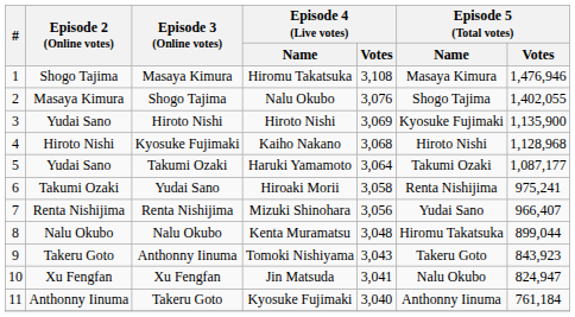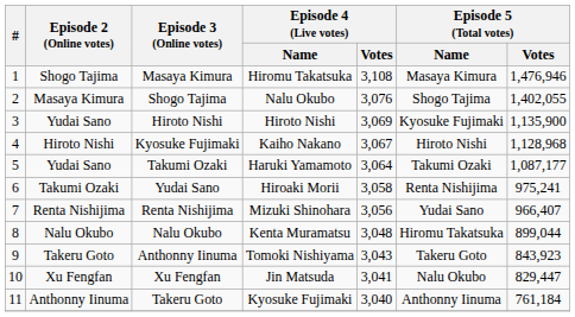 <table class="wikitable sortable" style="text-align:center;">
 <tr>
 <th rowspan="2">#</th>
 <th rowspan="2">Episode 2<br><small>(Online votes)</small></th>
 <th rowspan="2">Episode 3<br><small>(Online votes)</small></th>
 <th colspan="2">Episode 4<br><small>(Live votes)</small></th>
 <th colspan="2">Episode 5<br><small>(Total votes)</small></th>
 </tr>
 <tr>
 <th>Name</th>
 <th>Votes</th>
 <th>Name</th>
 <th>Votes</th>
 </tr>
 <tr>
 <td>1</td>
 <td>Shogo Tajima</td>
 <td>Masaya Kimura</td>
 <td>Hiromu Takatsuka</td>
 <td>3,108</td>
 <td>Masaya Kimura</td>
 <td>1,476,946</td>
 </tr>
 <tr>
 <td>2</td>
 <td>Masaya Kimura</td>
 <td>Shogo Tajima</td>
 <td>Nalu Okubo</td>
 <td>3,076</td>
 <td>Shogo Tajima</td>
 <td>1,402,055</td>
 </tr>
 <tr>
 <td>3</td>
 <td>Yudai Sano</td>
 <td>Hiroto Nishi</td>
 <td>Hiroto Nishi</td>
 <td>3,069</td>
 <td>Kyosuke Fujimaki</td>
 <td>1,135,900</td>
 </tr>
 <tr>
 <td>4</td>
 <td>Hiroto Nishi</td>
 <td>Kyosuke Fujimaki</td>
 <td>Kaiho Nakano</td>
-<td>3,068</td>
+<td>3,067</td>
 <td>Hiroto Nishi</td>
 <td>1,128,968</td>
 </tr>
 <tr>
 <td>5</td>
 <td>Yudai Sano</td>
 <td>Takumi Ozaki</td>
 <td>Haruki Yamamoto</td>
 <td>3,064</td>
 <td>Takumi Ozaki</td>
 <td>1,087,177</td>
 </tr>
 <tr>
 <td>6</td>
 <td>Takumi Ozaki</td>
 <td>Yudai Sano</td>
 <td>Hiroaki Morii</td>
 <td>3,058</td>
 <td>Renta Nishijima</td>
 <td>975,241</td>
 </tr>
 <tr>
 <td>7</td>
 <td>Renta Nishijima</td>
 <td>Renta Nishijima</td>
 <td>Mizuki Shinohara</td>
 <td>3,056</td>
 <td>Yudai Sano</td>
 <td>966,407</td>
 </tr>
 <tr>
 <td>8</td>
 <td>Nalu Okubo</td>
 <td>Nalu Okubo</td>
 <td>Kenta Muramatsu</td>
 <td>3,048</td>
 <td>Hiromu Takatsuka</td>
 <td>899,044</td>
 </tr>
 <tr>
 <td>9</td>
 <td>Takeru Goto</td>
 <td>Anthonny Iinuma</td>
 <td>Tomoki Nishiyama</td>
 <td>3,043</td>
 <td>Takeru Goto</td>
 <td>843,923</td>
 </tr>
 <tr>
 <td>10</td>
 <td>Xu Fengfan</td>
 <td>Xu Fengfan</td>
 <td>Jin Matsuda</td>
 <td>3,041</td>
 <td>Nalu Okubo</td>
-<td>824,947</td>
+<td>829,447</td>
 </tr>
 <tr>
 <td>11</td>
 <td>Anthonny Iinuma</td>
 <td>Takeru Goto</td>
 <td>Kyosuke Fujimaki</td>
 <td>3,040</td>
 <td>Anthonny Iinuma</td>
 <td>761,184</td>
 </tr>
 <tr>
 </tr>
 </table>
